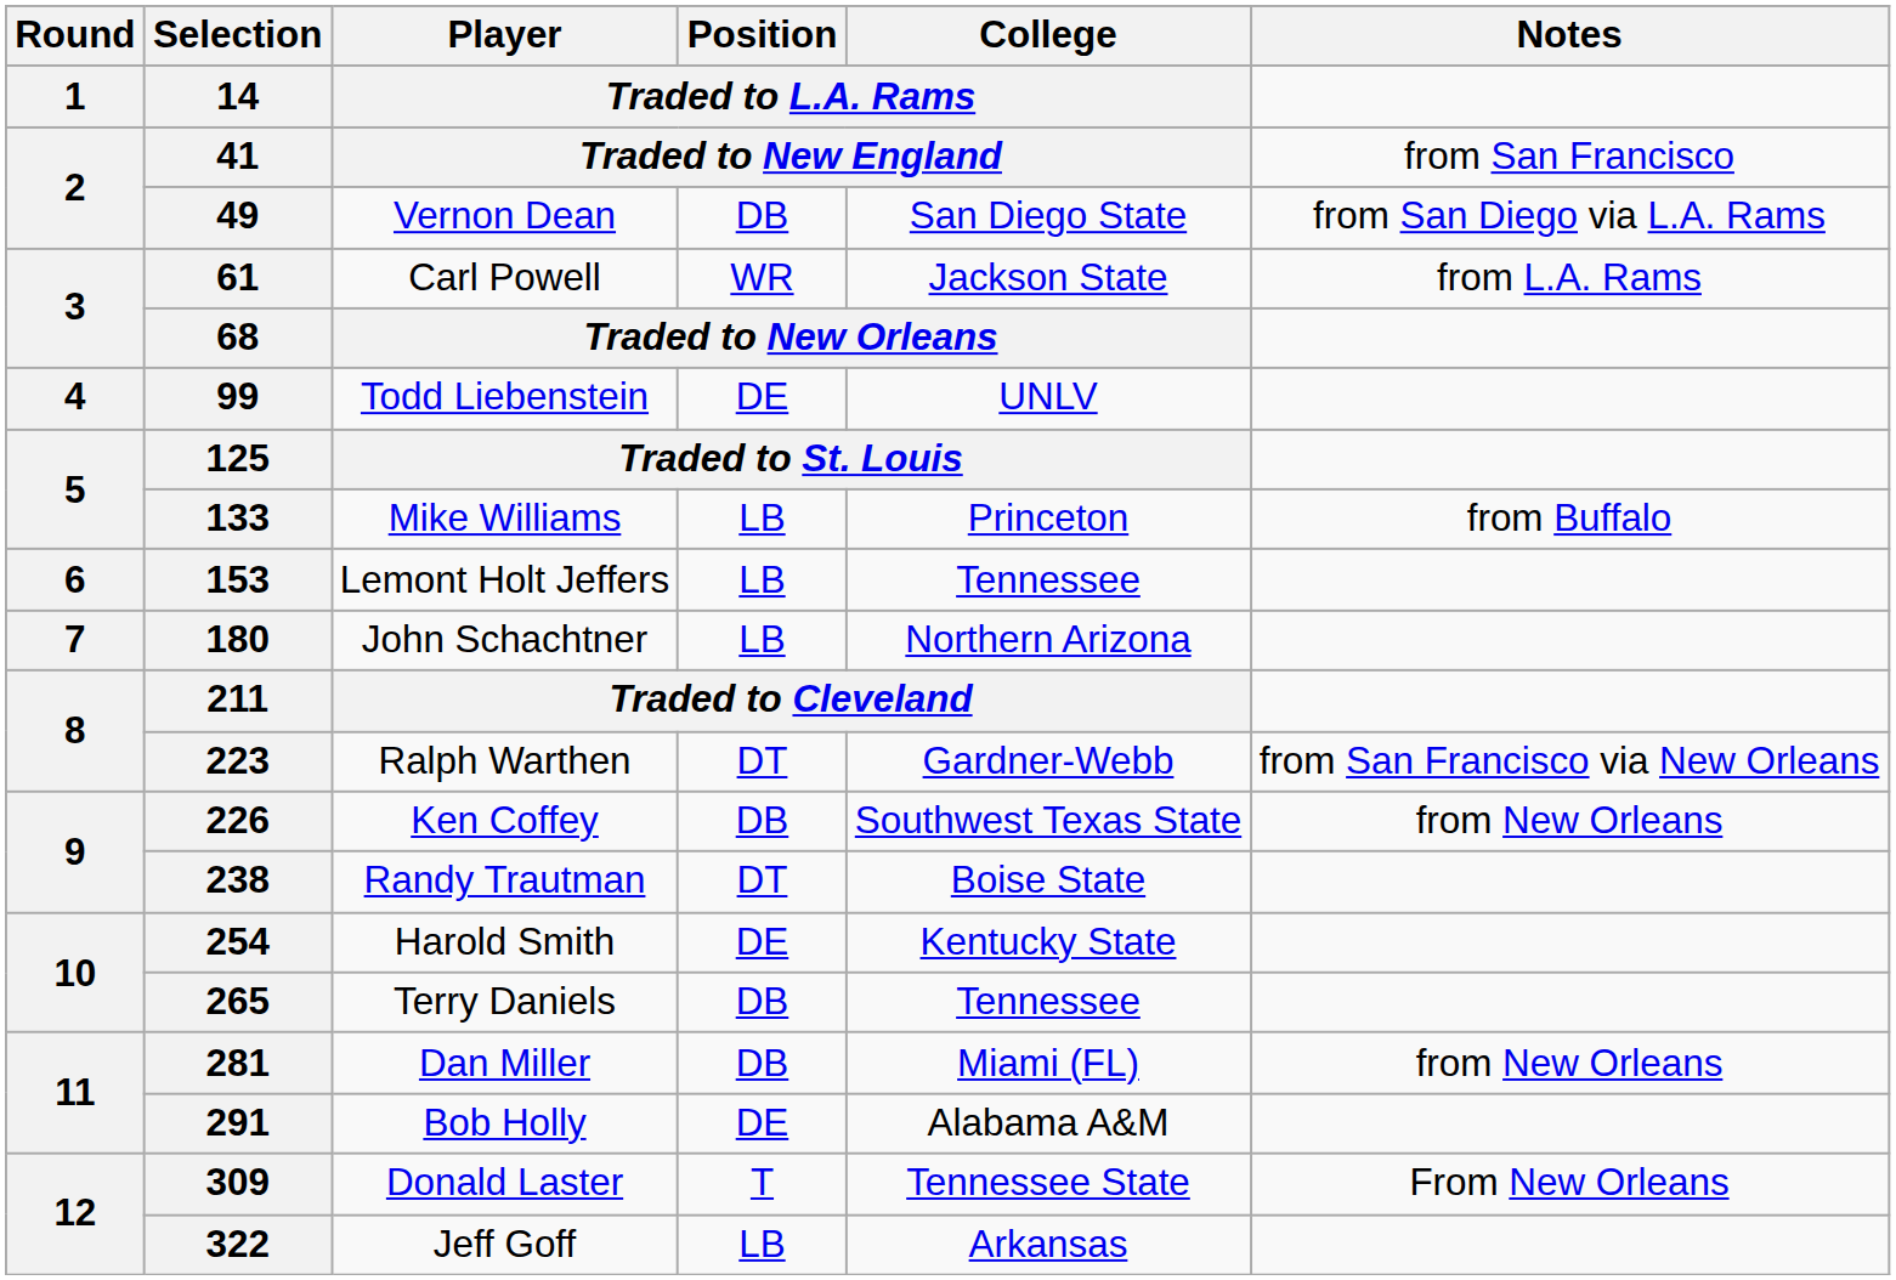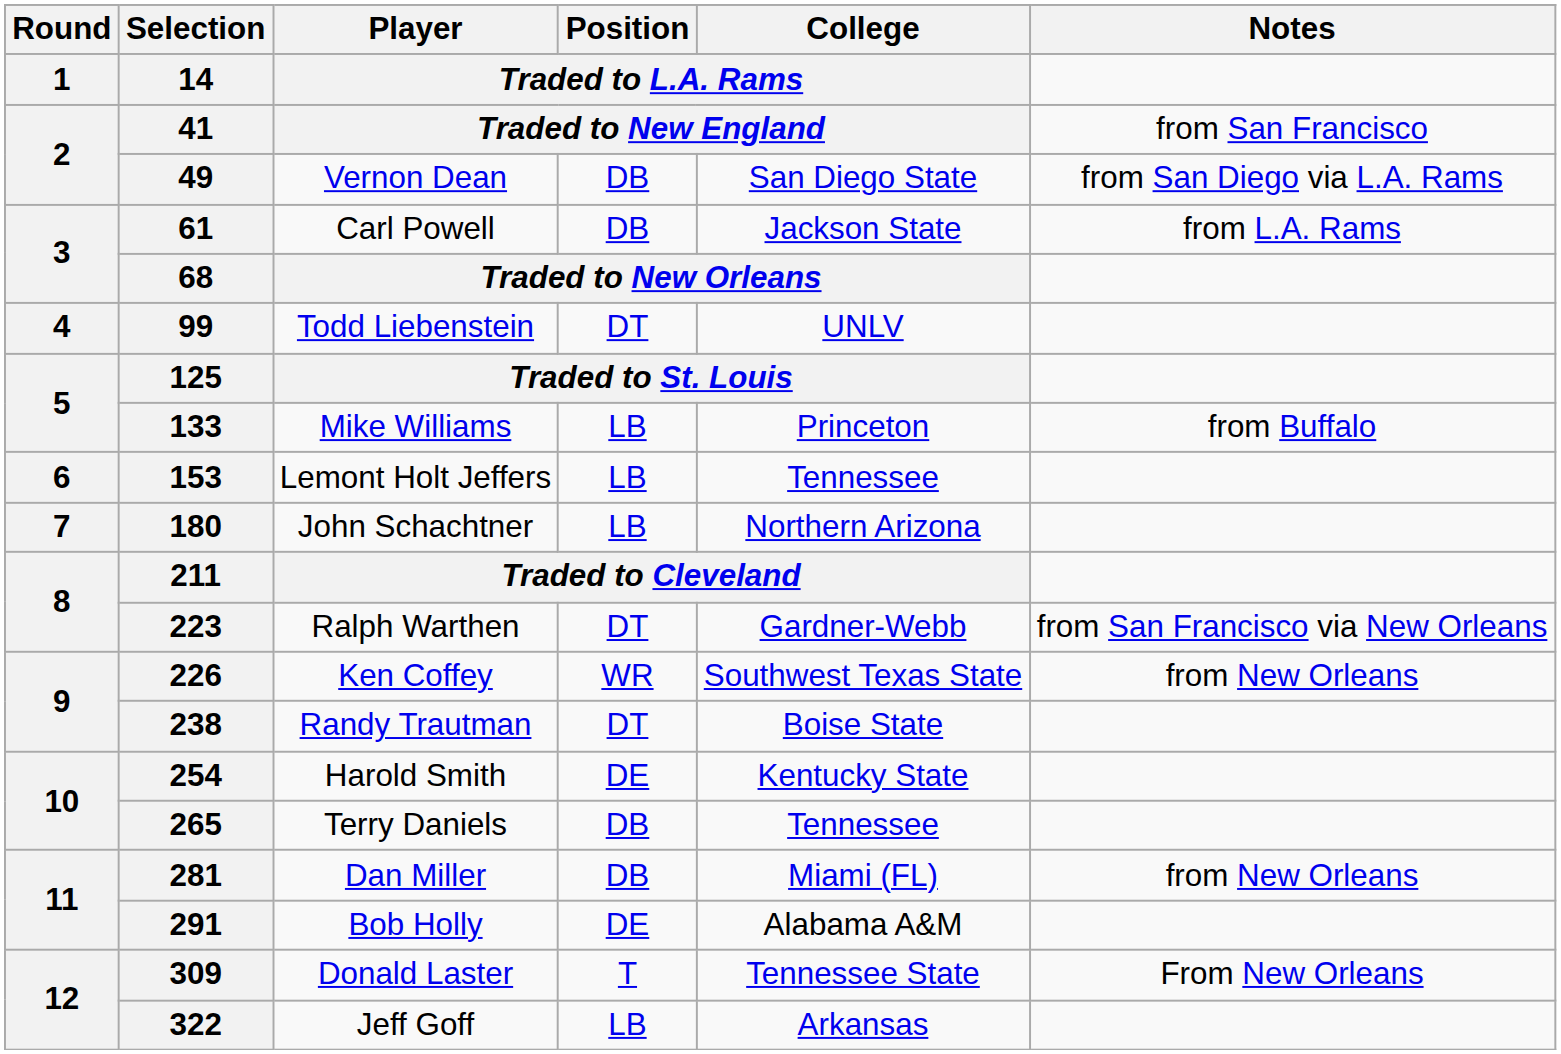 <table class="wikitable" style="text-align:center">
 <tr>
 <th>Round</th>
 <th>Selection</th>
 <th>Player</th>
 <th>Position</th>
 <th>College</th>
 <th>Notes</th>
 </tr>
 <tr>
 <th>1</th>
 <th>14</th>
 <th colspan="3"><em>Traded to <a href='#'>L.A. Rams</a></em></th>
 <td></td>
 </tr>
 <tr>
 <th rowspan="2">2</th>
 <th>41</th>
 <th colspan="3"><em>Traded to <a href='#'>New England</a></em></th>
 <td>from <a href='#'>San Francisco</a></td>
 </tr>
 <tr>
 <th>49</th>
 <td><a href='#'>Vernon Dean</a></td>
 <td><a href='#'>DB</a></td>
 <td><a href='#'>San Diego State</a></td>
 <td>from <a href='#'>San Diego</a> via <a href='#'>L.A. Rams</a></td>
 </tr>
 <tr>
 <th rowspan="2">3</th>
 <th>61</th>
 <td>Carl Powell</td>
-<td><a href='#'>WR</a></td>
+<td><a href='#'>DB</a></td>
 <td><a href='#'>Jackson State</a></td>
 <td>from <a href='#'>L.A. Rams</a></td>
 </tr>
 <tr>
 <th>68</th>
 <th colspan="3"><em>Traded to <a href='#'>New Orleans</a></em></th>
 <td></td>
 </tr>
 <tr>
 <th>4</th>
 <th>99</th>
 <td><a href='#'>Todd Liebenstein</a></td>
-<td><a href='#'>DE</a></td>
+<td><a href='#'>DT</a></td>
 <td><a href='#'>UNLV</a></td>
 <td></td>
 </tr>
 <tr>
 <th rowspan="2">5</th>
 <th>125</th>
 <th colspan="3"><em>Traded to <a href='#'>St. Louis</a></em></th>
 <td></td>
 </tr>
 <tr>
 <th>133</th>
 <td><a href='#'>Mike Williams</a></td>
 <td><a href='#'>LB</a></td>
 <td><a href='#'>Princeton</a></td>
 <td>from <a href='#'>Buffalo</a></td>
 </tr>
 <tr>
 <th>6</th>
 <th>153</th>
 <td>Lemont Holt Jeffers</td>
 <td><a href='#'>LB</a></td>
 <td><a href='#'>Tennessee</a></td>
 <td></td>
 </tr>
 <tr>
 <th>7</th>
 <th>180</th>
 <td>John Schachtner</td>
 <td><a href='#'>LB</a></td>
 <td><a href='#'>Northern Arizona</a></td>
 <td></td>
 </tr>
 <tr>
 <th rowspan="2">8</th>
 <th>211</th>
 <th colspan="3"><em>Traded to <a href='#'>Cleveland</a></em></th>
 <td></td>
 </tr>
 <tr>
 <th>223</th>
 <td>Ralph Warthen</td>
 <td><a href='#'>DT</a></td>
 <td><a href='#'>Gardner-Webb</a></td>
 <td>from <a href='#'>San Francisco</a> via <a href='#'>New Orleans</a></td>
 </tr>
 <tr>
 <th rowspan="2">9</th>
 <th>226</th>
 <td><a href='#'>Ken Coffey</a></td>
-<td><a href='#'>DB</a></td>
+<td><a href='#'>WR</a></td>
 <td><a href='#'>Southwest Texas State</a></td>
 <td>from <a href='#'>New Orleans</a></td>
 </tr>
 <tr>
 <th>238</th>
 <td><a href='#'>Randy Trautman</a></td>
 <td><a href='#'>DT</a></td>
 <td><a href='#'>Boise State</a></td>
 <td></td>
 </tr>
 <tr>
 <th rowspan="2">10</th>
 <th>254</th>
 <td>Harold Smith</td>
 <td><a href='#'>DE</a></td>
 <td><a href='#'>Kentucky State</a></td>
 <td></td>
 </tr>
 <tr>
 <th>265</th>
 <td>Terry Daniels</td>
 <td><a href='#'>DB</a></td>
 <td><a href='#'>Tennessee</a></td>
 <td></td>
 </tr>
 <tr>
 <th rowspan="2">11</th>
 <th>281</th>
 <td><a href='#'>Dan Miller</a></td>
 <td><a href='#'>DB</a></td>
 <td><a href='#'>Miami (FL)</a></td>
 <td>from <a href='#'>New Orleans</a></td>
 </tr>
 <tr>
 <th>291</th>
 <td><a href='#'>Bob Holly</a></td>
 <td><a href='#'>DE</a></td>
 <td>Alabama A&M</td>
 <td></td>
 </tr>
 <tr>
 <th rowspan="2">12</th>
 <th>309</th>
 <td><a href='#'>Donald Laster</a></td>
 <td><a href='#'>T</a></td>
 <td><a href='#'>Tennessee State</a></td>
 <td>From <a href='#'>New Orleans</a></td>
 </tr>
 <tr>
 <th>322</th>
 <td>Jeff Goff</td>
 <td><a href='#'>LB</a></td>
 <td><a href='#'>Arkansas</a></td>
 <td></td>
 </tr>
 </table>
